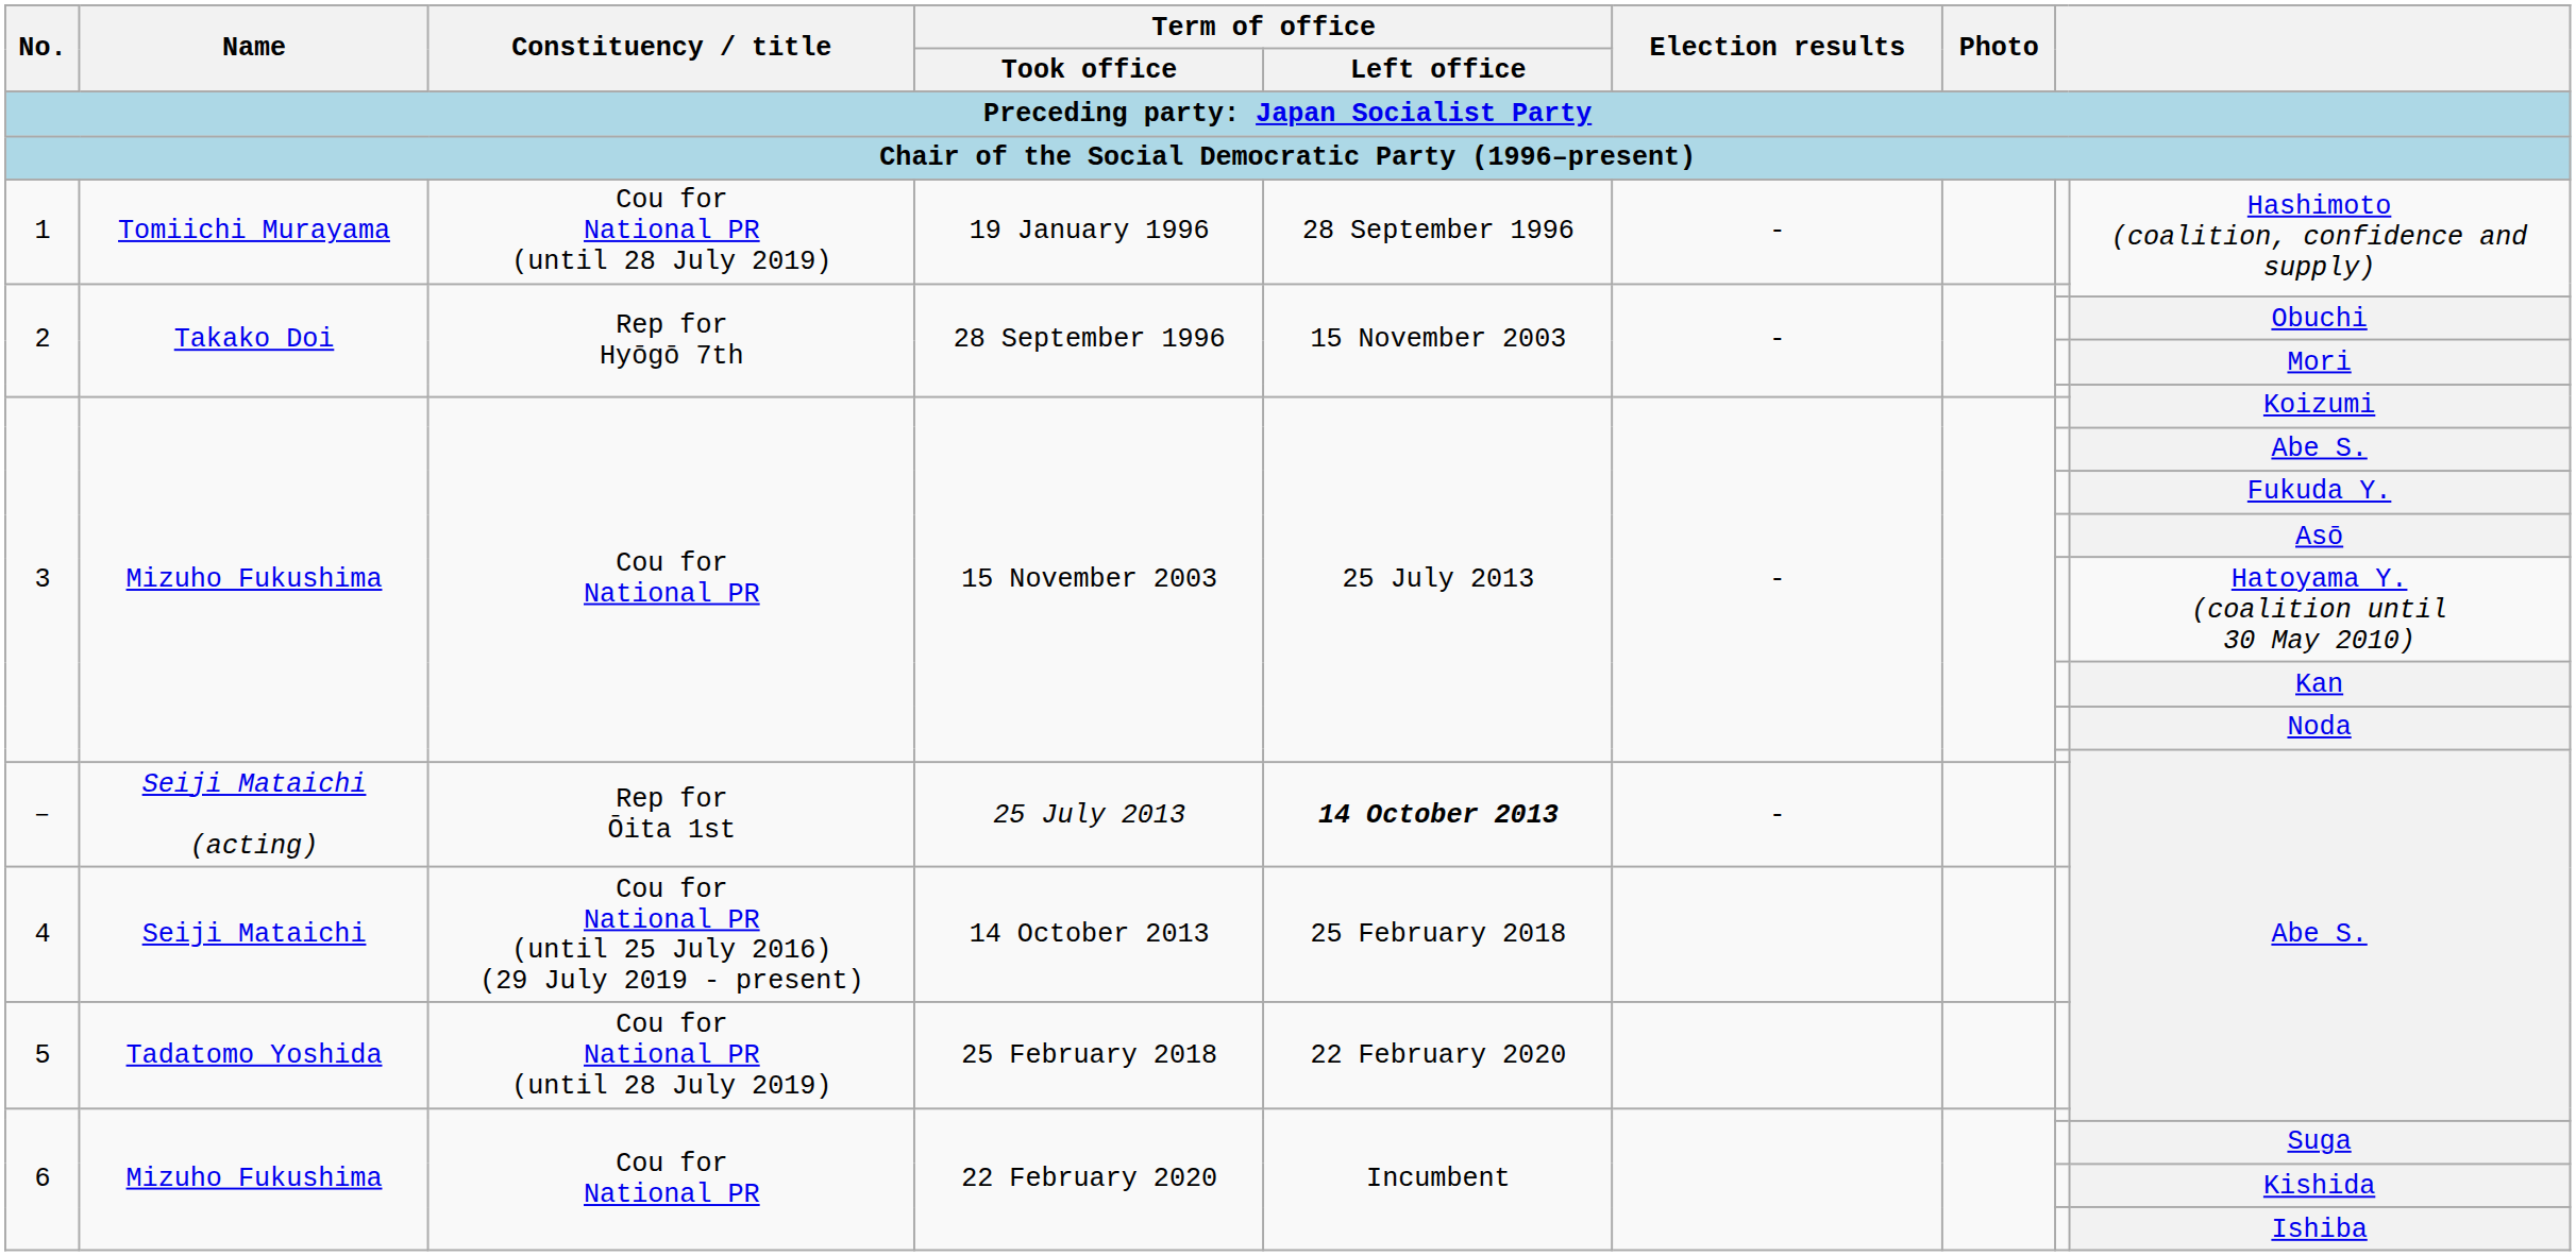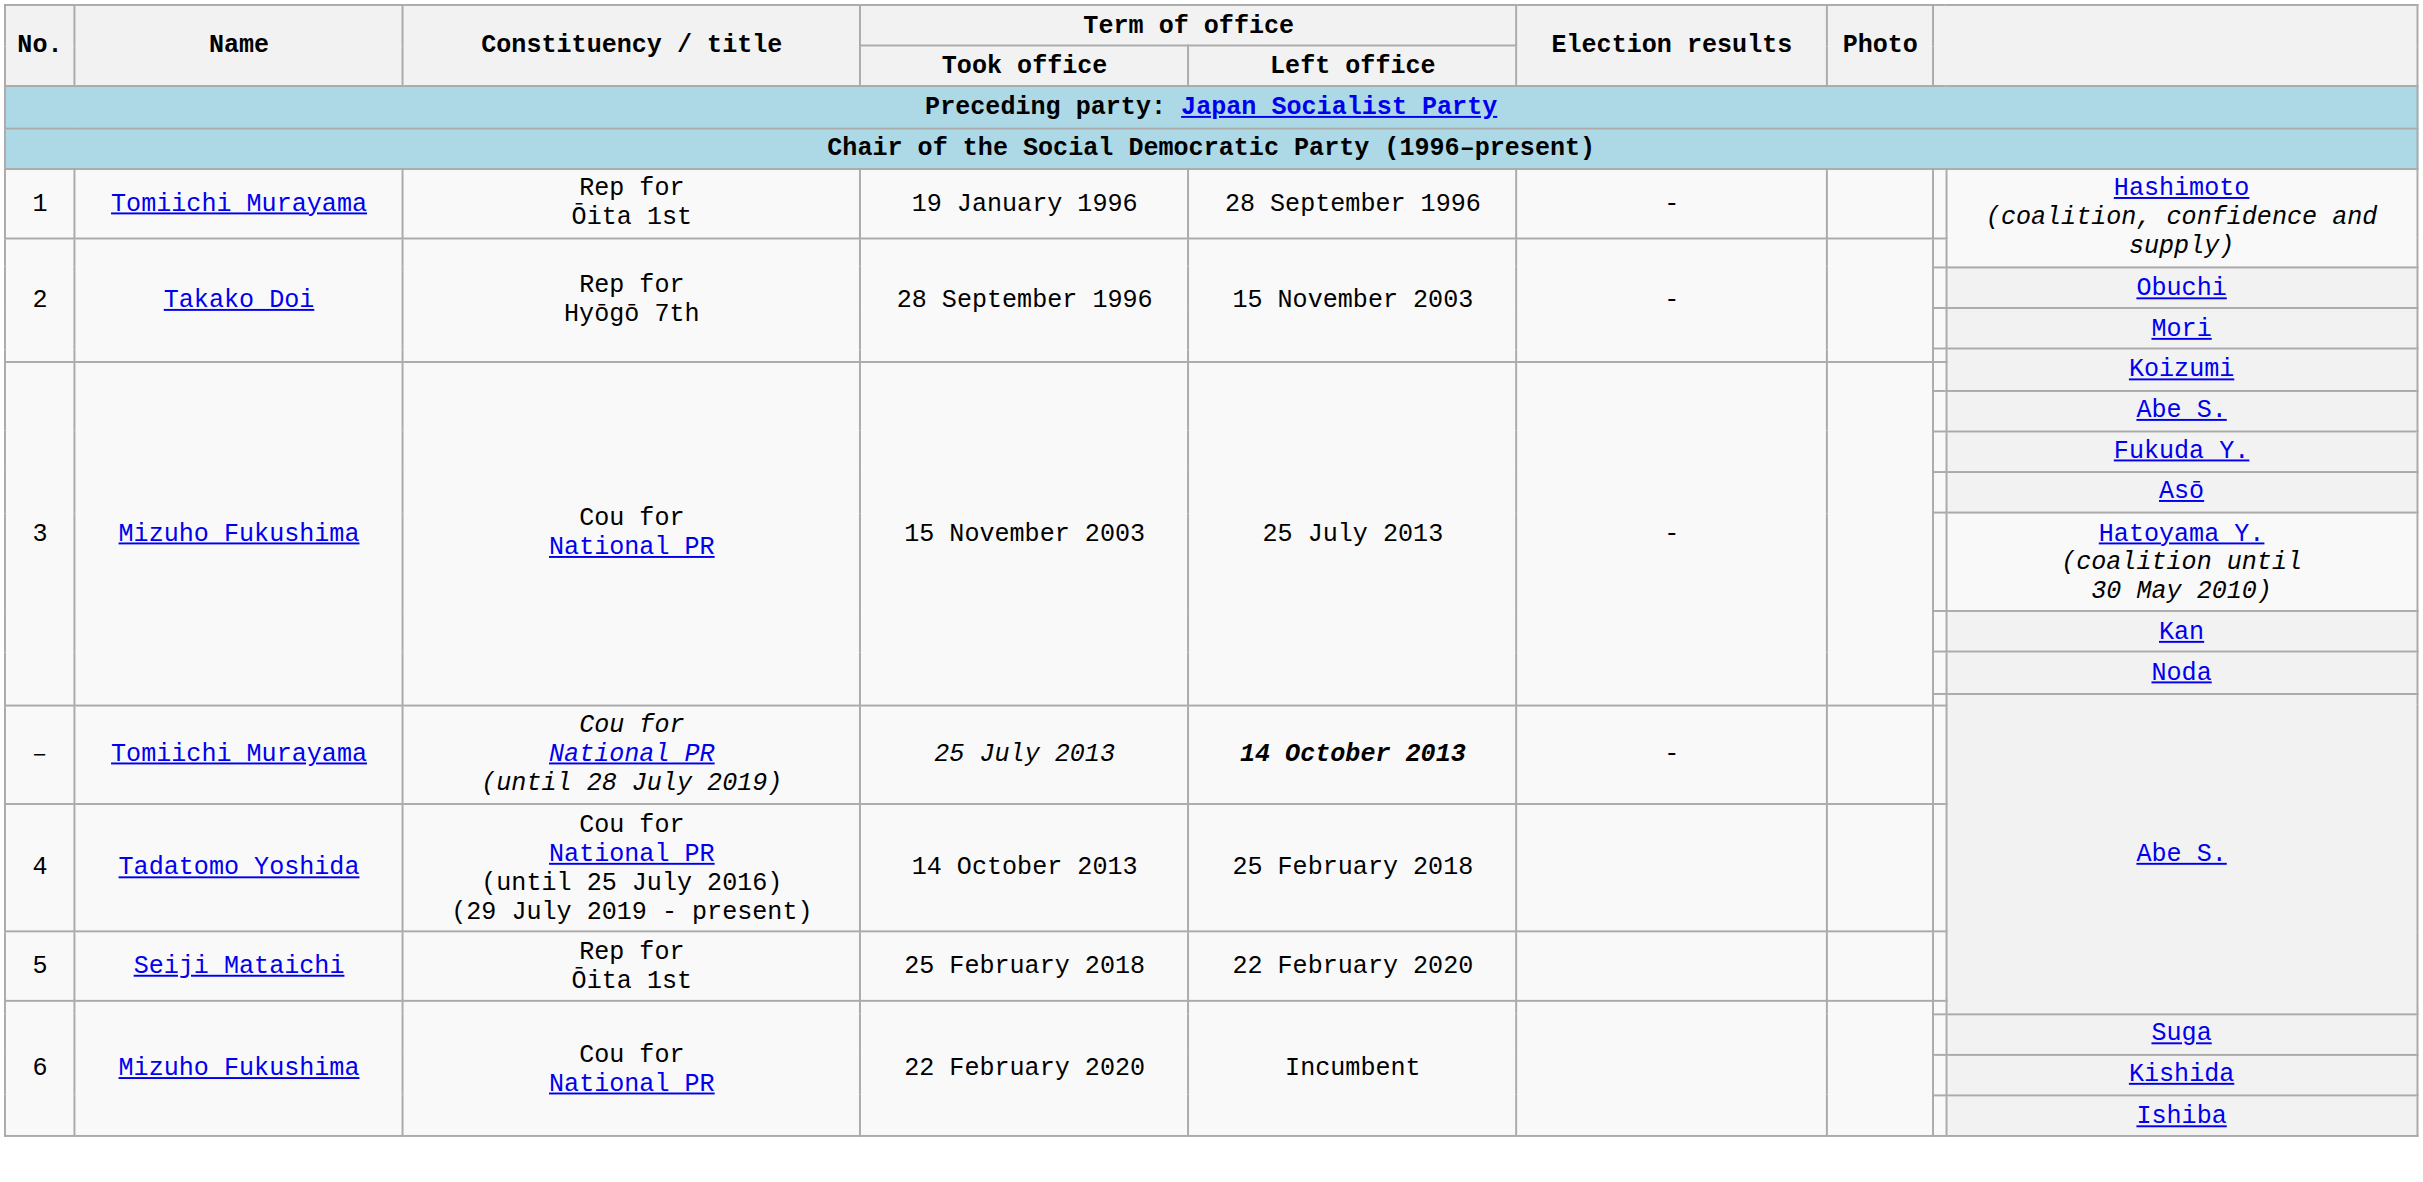 <table class="wikitable" style="text-align:center">
 <tr>
 <th rowspan=2>No.</th>
 <th rowspan=2>Name<br><small> </small></th>
 <th rowspan=2>Constituency / title</th>
 <th colspan=2>Term of office</th>
 <th rowspan=2>Election results</th>
 <th rowspan=2>Photo</th>
 <th colspan="2" style="width:20%;" rowspan="2"><a href='#'></a> </th>
 </tr>
 <tr>
 <th>Took office</th>
 <th>Left office</th>
 </tr>
 <tr>
 <td bgcolor="lightblue" colspan="9"><strong>Preceding party: <a href='#'>Japan Socialist Party</a> </strong></td>
 </tr>
 <tr>
 <td colspan="9" bgcolor="lightblue"><strong>Chair of the Social Democratic Party (1996–present)</strong></td>
 </tr>
 <tr>
 <td>1</td>
 <td><a href='#'>Tomiichi Murayama</a><br><small></small></td>
-<td>Cou for<br><a href='#'>National PR</a><br>(until 28 July 2019)</td>
+<td>Rep for<br>Ōita 1st</td>
 <td>19 January 1996</td>
 <td>28 September 1996</td>
 <td>-</td>
 <td></td>
 <td style="background-color: "></td>
 <td rowspan="2" style="font-weight:normal"><a href='#'>Hashimoto</a> <small></small><br><em>(coalition, confidence and supply)</em></td>
 </tr>
 <tr>
 <td rowspan=4>2</td>
 <td rowspan=4><a href='#'>Takako Doi</a><br><small></small></td>
 <td rowspan=4>Rep for<br>Hyōgō 7th</td>
 <td rowspan=4>28 September 1996</td>
 <td rowspan=4>15 November 2003</td>
 <td rowspan=4>-</td>
 <td rowspan=4></td>
 <td style="background-color: "></td>
 </tr>
 <tr>
 <td style="background-color: "></td>
 <th style="font-weight:normal"><a href='#'>Obuchi</a> <small></small></th>
 </tr>
 <tr>
 <td style="background-color: "></td>
 <th style="font-weight:normal"><a href='#'>Mori</a> <small></small></th>
 </tr>
 <tr>
 <td style="background-color: "></td>
 <th rowspan="2" style="font-weight:normal"><a href='#'>Koizumi</a> <small></small></th>
 </tr>
 <tr>
 <td rowspan=8>3</td>
 <td rowspan=8><a href='#'>Mizuho Fukushima</a><br><small></small></td>
 <td rowspan=8>Cou for<br><a href='#'>National PR</a></td>
 <td rowspan=8>15 November 2003</td>
 <td rowspan=8>25 July 2013</td>
 <td rowspan=8>-</td>
 <td rowspan=8></td>
 <td style="background-color: "></td>
 </tr>
 <tr>
 <td style="background-color: "></td>
 <th style="font-weight:normal"><a href='#'>Abe S.</a> <small></small></th>
 </tr>
 <tr>
 <td style="background-color: "></td>
 <th style="font-weight:normal"><a href='#'>Fukuda Y.</a> <small></small></th>
 </tr>
 <tr>
 <td style="background-color: "></td>
 <th style="font-weight:normal"><a href='#'>Asō</a> <small></small></th>
 </tr>
 <tr>
 <td style="background-color: "></td>
 <td style="font-weight:normal"><a href='#'>Hatoyama Y.</a> <small></small><br><em>(coalition until<br>30 May 2010)</em></td>
 </tr>
 <tr>
 <td style="background-color: "></td>
 <th style="font-weight:normal"><a href='#'>Kan</a> <small></small></th>
 </tr>
 <tr>
 <td style="background-color: "></td>
 <th style="font-weight:normal"><a href='#'>Noda</a> <small></small></th>
 </tr>
 <tr>
 <td style="background-color: "></td>
 <th rowspan="5" style="font-weight:normal"><a href='#'>Abe S.</a> <small></small></th>
 </tr>
 <tr>
 <td>－</td>
-<td><em><a href='#'>Seiji Mataichi</a><br><small></small><br>(acting)</em></td>
-<td>Rep for<br>Ōita 1st</td>
+<td><a href='#'>Tomiichi Murayama</a><br><small></small></td>
+<td><em>Cou for<br><a href='#'>National PR</a><br>(until 28 July 2019)</em></td>
 <td><em>25 July 2013</em></td>
 <td><strong><em>14 October 2013</em></strong></td>
 <td>-</td>
 <td></td>
 <td style="background-color: "></td>
 </tr>
 <tr>
 <td>4</td>
-<td><a href='#'>Seiji Mataichi</a><br><small></small></td>
+<td><a href='#'>Tadatomo Yoshida</a><br><small></small></td>
 <td>Cou for<br><a href='#'>National PR</a><br>(until 25 July 2016)<br>(29 July 2019 - present)</td>
 <td>14 October 2013</td>
 <td>25 February 2018</td>
 <td align=left><br></td>
 <td></td>
 <td style="background-color: "></td>
 </tr>
 <tr>
 <td>5</td>
-<td><a href='#'>Tadatomo Yoshida</a><br><small></small></td>
-<td>Cou for<br><a href='#'>National PR</a><br>(until 28 July 2019)</td>
+<td><a href='#'>Seiji Mataichi</a><br><small></small></td>
+<td>Rep for<br>Ōita 1st</td>
 <td>25 February 2018</td>
 <td>22 February 2020</td>
 <td align=left></td>
 <td></td>
 <td style="background-color: "></td>
 </tr>
 <tr>
 <td rowspan=4>6</td>
 <td rowspan=4><a href='#'>Mizuho Fukushima</a><br><small></small></td>
 <td rowspan=4>Cou for<br><a href='#'>National PR</a></td>
 <td rowspan=4>22 February 2020</td>
 <td rowspan=4>Incumbent</td>
 <td rowspan=4 align=left></td>
 <td rowspan=4></td>
 <td style="background-color: "></td>
 </tr>
 <tr>
 <td style="background-color: "></td>
 <th style="font-weight:normal"><a href='#'>Suga</a> <small></small></th>
 </tr>
 <tr>
 <td style="background-color: "></td>
 <th style="font-weight:normal"><a href='#'>Kishida</a> <small></small></th>
 </tr>
 <tr>
 <td style="background-color: "></td>
 <th style="font-weight:normal"><a href='#'>Ishiba</a> <small></small></th>
 </tr>
 </table>
